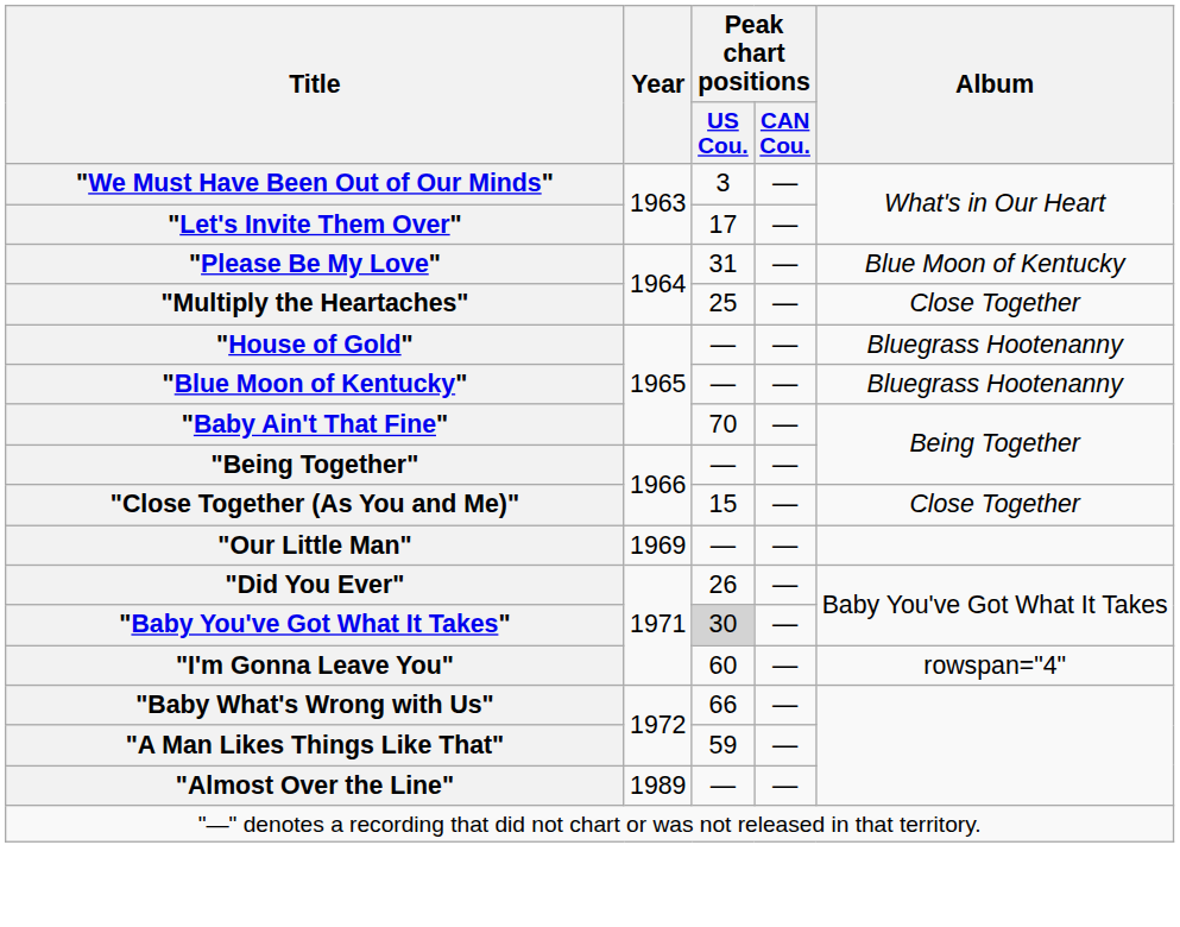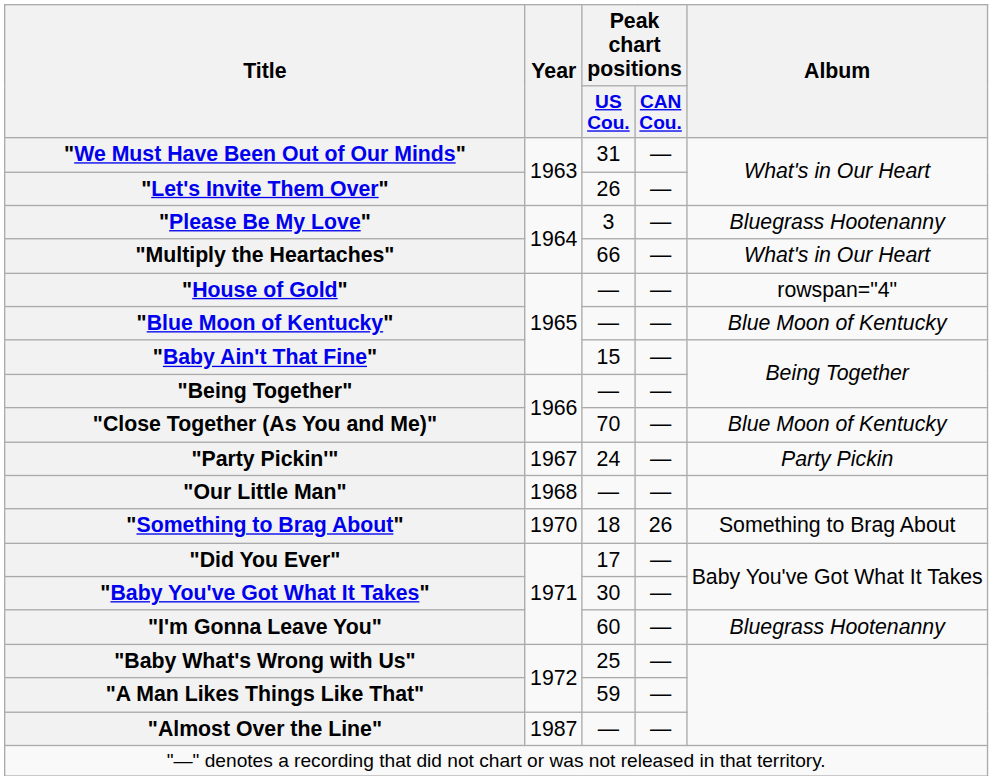 <table class="wikitable plainrowheaders" style="text-align:center;" border="1">
 <tr>
 <th scope="col" rowspan="2" style="width:24em;">Title</th>
 <th scope="col" rowspan="2">Year</th>
 <th scope="col" colspan="2">Peak chart<br>positions</th>
 <th scope="col" rowspan="2">Album</th>
 </tr>
 <tr>
 <th scope="col" style="width:2em;font-size:90%;"><a href='#'>US<br>Cou.</a><br></th>
 <th scope="col" style="width:2em;font-size:90%;"><a href='#'>CAN<br>Cou.</a><br></th>
 </tr>
 <tr>
 <th scope="row">"<a href='#'>We Must Have Been Out of Our Minds</a>"<br></th>
 <td rowspan="2">1963</td>
-<td>3</td>
+<td>31</td>
 <td>—</td>
 <td rowspan="2"><em>What's in Our Heart</em></td>
 </tr>
 <tr>
 <th scope="row">"<a href='#'>Let's Invite Them Over</a>"<br></th>
-<td>17</td>
+<td>26</td>
 <td>—</td>
 </tr>
 <tr>
 <th scope="row">"<a href='#'>Please Be My Love</a>"<br></th>
 <td rowspan="2">1964</td>
-<td>31</td>
+<td>3</td>
 <td>—</td>
-<td><em>Blue Moon of Kentucky</em></td>
+<td><em>Bluegrass Hootenanny</em></td>
 </tr>
 <tr>
 <th scope="row">"Multiply the Heartaches"<br></th>
-<td>25</td>
+<td>66</td>
 <td>—</td>
-<td><em>Close Together</em></td>
+<td><em>What's in Our Heart</em></td>
 </tr>
 <tr>
 <th scope="row">"<a href='#'>House of Gold</a>"<br></th>
 <td rowspan="3">1965</td>
 <td>—</td>
 <td>—</td>
-<td><em>Bluegrass Hootenanny</em></td>
+<td>rowspan="4" </td>
 </tr>
 <tr>
 <th scope="row">"<a href='#'>Blue Moon of Kentucky</a>"<br></th>
 <td>—</td>
 <td>—</td>
-<td><em>Bluegrass Hootenanny</em></td>
+<td><em>Blue Moon of Kentucky</em></td>
 </tr>
 <tr>
 <th scope="row">"<a href='#'>Baby Ain't That Fine</a>"<br></th>
-<td>70</td>
+<td>15</td>
 <td>—</td>
 <td rowspan="2"><em>Being Together</em></td>
 </tr>
 <tr>
 <th scope="row">"Being Together"<br></th>
 <td rowspan="2">1966</td>
 <td>—</td>
 <td>—</td>
 </tr>
 <tr>
 <th scope="row">"Close Together (As You and Me)"<br></th>
-<td>15</td>
+<td>70</td>
 <td>—</td>
-<td><em>Close Together</em></td>
+<td><em>Blue Moon of Kentucky</em></td>
+</tr>
+<tr>
+<th scope="row">"Party Pickin'"<br></th>
+<td>1967</td>
+<td>24</td>
+<td>—</td>
+<td><em>Party Pickin<strong></td>
 </tr>
 <tr>
 <th scope="row">"Our Little Man"<br></th>
-<td>1969</td>
+<td>1968</td>
 <td>—</td>
 <td>—</td>
 <td></td>
 </tr>
 <tr>
+<th scope="row">"<a href='#'>Something to Brag About</a>"<br></th>
+<td>1970</td>
+<td>18</td>
+<td>26</td>
+<td></em>Something to Brag About<em></td>
+</tr>
+<tr>
 <th scope="row">"Did You Ever"<br></th>
 <td rowspan="3">1971</td>
-<td>26</td>
+<td>17</td>
 <td>—</td>
 <td rowspan="2"></em>Baby You've Got What It Takes<em></td>
 </tr>
 <tr>
 <th scope="row">"<a href='#'>Baby You've Got What It Takes</a>"<br></th>
-<td style="background: lightgrey;">30</td>
+<td>30</td>
 <td>—</td>
 </tr>
 <tr>
 <th scope="row">"I'm Gonna Leave You"<br></th>
 <td>60</td>
 <td>—</td>
-<td>rowspan="4" </td>
+<td><em>Bluegrass Hootenanny</em></td>
 </tr>
 <tr>
 <th scope="row">"Baby What's Wrong with Us"<br></th>
 <td rowspan="2">1972</td>
-<td>66</td>
+<td>25</td>
 <td>—</td>
 </tr>
 <tr>
 <th scope="row">"A Man Likes Things Like That"<br></th>
 <td>59</td>
 <td>—</td>
 </tr>
 <tr>
 <th scope="row">"Almost Over the Line"<br></th>
-<td>1989</td>
+<td>1987</td>
 <td>—</td>
 <td>—</td>
 </tr>
 <tr>
 <td colspan="5" style="font-size:90%">"—" denotes a recording that did not chart or was not released in that territory.</td>
 </tr>
 </table>
